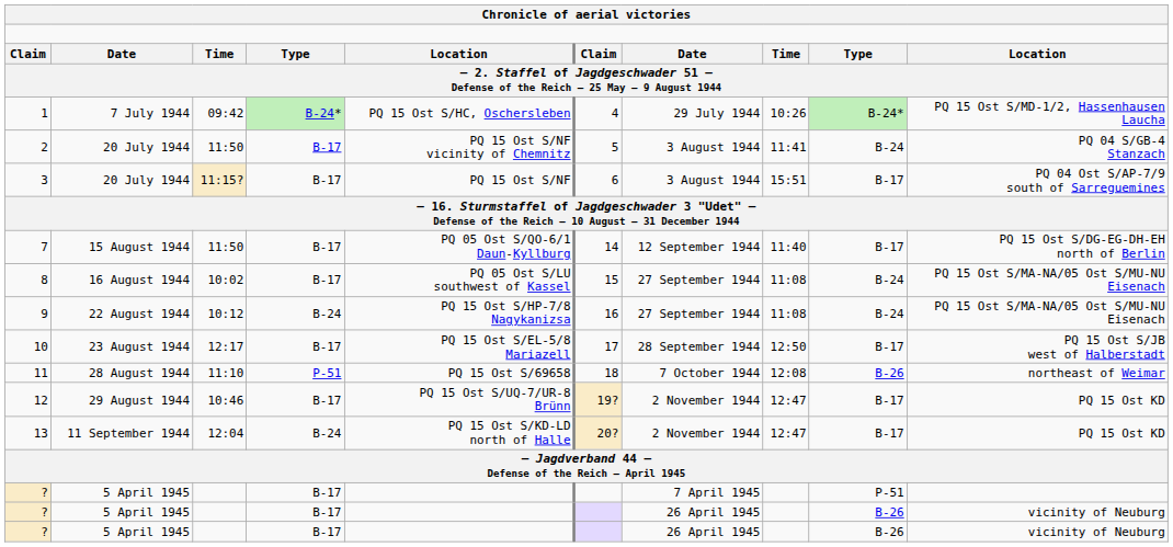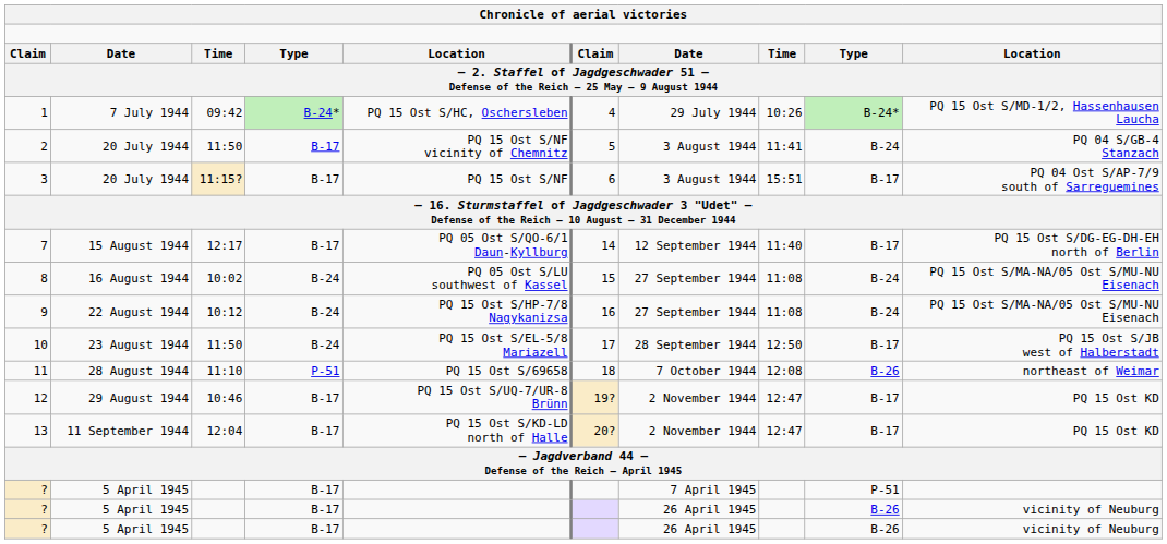 <table class="wikitable plainrowheaders collapsible" style="margin-left: auto; margin-right: auto; border: none; text-align:right; width: 100%;">
 <tr>
 <th colspan="10">Chronicle of aerial victories</th>
 </tr>
 <tr>
 <td colspan="10" style="text-align: left;"><br>  </td>
 </tr>
 <tr>
 <th scope="col">Claim</th>
 <th scope="col">Date</th>
 <th scope="col">Time</th>
 <th scope="col" width="100px">Type</th>
 <th scope="col">Location</th>
 <th scope="col" style="border-left: 3px solid grey;">Claim</th>
 <th scope="col">Date</th>
 <th scope="col">Time</th>
 <th scope="col" width="100px">Type</th>
 <th scope="col">Location</th>
 </tr>
 <tr>
 <th colspan="10">– 2. <em>Staffel</em> of <em>Jagdgeschwader</em> 51 –<br><small>Defense of the Reich — 25 May – 9 August 1944</small></th>
 </tr>
 <tr>
 <td>1</td>
 <td>7 July 1944</td>
 <td>09:42</td>
 <td style="background:#C0EFBA"><a href='#'>B-24</a>*</td>
 <td>PQ 15 Ost S/HC, <a href='#'>Oschersleben</a></td>
 <td style="border-left: 3px solid grey;">4</td>
 <td>29 July 1944</td>
 <td>10:26</td>
 <td style="background:#C0EFBA">B-24*</td>
 <td>PQ 15 Ost S/MD-1/2, <a href='#'>Hassenhausen</a><br><a href='#'>Laucha</a></td>
 </tr>
 <tr>
 <td>2</td>
 <td>20 July 1944</td>
 <td>11:50</td>
 <td><a href='#'>B-17</a></td>
 <td>PQ 15 Ost S/NF<br>vicinity of <a href='#'>Chemnitz</a></td>
 <td style="border-left: 3px solid grey;">5</td>
 <td>3 August 1944</td>
 <td>11:41</td>
 <td>B-24</td>
 <td>PQ 04 S/GB-4<br><a href='#'>Stanzach</a></td>
 </tr>
 <tr>
 <td>3</td>
 <td>20 July 1944</td>
 <td style="background:#faecc8">11:15?</td>
 <td>B-17</td>
 <td>PQ 15 Ost S/NF</td>
 <td style="border-left: 3px solid grey;">6</td>
 <td>3 August 1944</td>
 <td>15:51</td>
 <td>B-17</td>
 <td>PQ 04 Ost S/AP-7/9<br>south of <a href='#'>Sarreguemines</a></td>
 </tr>
 <tr>
 <th colspan="10">– 16. <em>Sturmstaffel</em> of <em>Jagdgeschwader</em> 3 "Udet" –<br><small>Defense of the Reich — 10 August – 31 December 1944</small></th>
 </tr>
 <tr>
 <td>7</td>
 <td>15 August 1944</td>
-<td>11:50</td>
+<td>12:17</td>
 <td>B-17</td>
 <td>PQ 05 Ost S/QO-6/1<br><a href='#'>Daun</a>-<a href='#'>Kyllburg</a></td>
 <td style="border-left: 3px solid grey;">14</td>
 <td>12 September 1944</td>
 <td>11:40</td>
 <td>B-17</td>
 <td>PQ 15 Ost S/DG-EG-DH-EH<br>north of <a href='#'>Berlin</a></td>
 </tr>
 <tr>
 <td>8</td>
 <td>16 August 1944</td>
 <td>10:02</td>
-<td>B-17</td>
+<td>B-24</td>
 <td>PQ 05 Ost S/LU<br>southwest of <a href='#'>Kassel</a></td>
 <td style="border-left: 3px solid grey;">15</td>
 <td>27 September 1944</td>
 <td>11:08</td>
 <td>B-24</td>
 <td>PQ 15 Ost S/MA-NA/05 Ost S/MU-NU<br><a href='#'>Eisenach</a></td>
 </tr>
 <tr>
 <td>9</td>
 <td>22 August 1944</td>
 <td>10:12</td>
 <td>B-24</td>
 <td>PQ 15 Ost S/HP-7/8<br><a href='#'>Nagykanizsa</a></td>
 <td style="border-left: 3px solid grey;">16</td>
 <td>27 September 1944</td>
 <td>11:08</td>
 <td>B-24</td>
 <td>PQ 15 Ost S/MA-NA/05 Ost S/MU-NU<br>Eisenach</td>
 </tr>
 <tr>
 <td>10</td>
 <td>23 August 1944</td>
-<td>12:17</td>
-<td>B-17</td>
+<td>11:50</td>
+<td>B-24</td>
 <td>PQ 15 Ost S/EL-5/8<br><a href='#'>Mariazell</a></td>
 <td style="border-left: 3px solid grey;">17</td>
 <td>28 September 1944</td>
 <td>12:50</td>
 <td>B-17</td>
 <td>PQ 15 Ost S/JB<br>west of <a href='#'>Halberstadt</a></td>
 </tr>
 <tr>
 <td>11</td>
 <td>28 August 1944</td>
 <td>11:10</td>
 <td><a href='#'>P-51</a></td>
 <td>PQ 15 Ost S/69658</td>
 <td style="border-left: 3px solid grey;">18</td>
 <td>7 October 1944</td>
 <td>12:08</td>
 <td><a href='#'>B-26</a></td>
 <td>northeast of <a href='#'>Weimar</a></td>
 </tr>
 <tr>
 <td>12</td>
 <td>29 August 1944</td>
 <td>10:46</td>
 <td>B-17</td>
 <td>PQ 15 Ost S/UQ-7/UR-8<br><a href='#'>Brünn</a></td>
 <td style="border-left: 3px solid grey; background:#faecc8">19?</td>
 <td>2 November 1944</td>
 <td>12:47</td>
 <td>B-17</td>
 <td>PQ 15 Ost KD</td>
 </tr>
 <tr>
 <td>13</td>
 <td>11 September 1944</td>
 <td>12:04</td>
-<td>B-24</td>
+<td>B-17</td>
 <td>PQ 15 Ost S/KD-LD<br>north of <a href='#'>Halle</a></td>
 <td style="border-left: 3px solid grey; background:#faecc8">20?</td>
 <td>2 November 1944</td>
 <td>12:47</td>
 <td>B-17</td>
 <td>PQ 15 Ost KD</td>
 </tr>
 <tr>
 <th colspan="10">– <em>Jagdverband</em> 44 –<br><small>Defense of the Reich — April 1945</small></th>
 </tr>
 <tr>
 <td style="background:#faecc8">?</td>
 <td>5 April 1945</td>
 <td></td>
 <td>B-17</td>
 <td></td>
 <td style="border-left: 3px solid grey;"></td>
 <td>7 April 1945</td>
 <td></td>
 <td>P-51</td>
 <td></td>
 </tr>
 <tr>
 <td style="background:#faecc8">?</td>
 <td>5 April 1945</td>
 <td></td>
 <td>B-17</td>
 <td></td>
 <td style="border-left: 3px solid grey; background:#e3d9ff;"></td>
 <td>26 April 1945</td>
 <td></td>
 <td><a href='#'>B-26</a></td>
 <td>vicinity of Neuburg</td>
 </tr>
 <tr>
 <td style="background:#faecc8">?</td>
 <td>5 April 1945</td>
 <td></td>
 <td>B-17</td>
 <td></td>
 <td style="border-left: 3px solid grey; background:#e3d9ff;"></td>
 <td>26 April 1945</td>
 <td></td>
 <td>B-26</td>
 <td>vicinity of Neuburg</td>
 </tr>
 </table>
